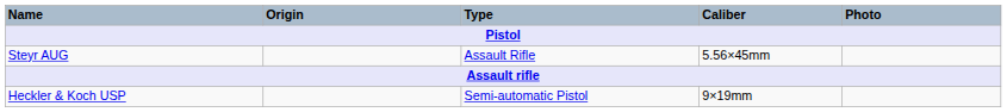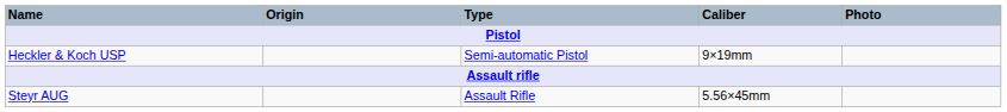 <table class="wikitable">
 <tr>
 <th style="text-align: left; background: #aabccc; width:13%;">Name</th>
 <th style="text-align: left; background: #aabccc; width:10%;">Origin</th>
 <th style="text-align: left; background: #aabccc; width:12%;">Type</th>
 <th style="text-align: left; background: #aabccc; width:7%;">Caliber</th>
 <th style="text-align: left; background: #aabccc;width:8%; ">Photo</th>
 </tr>
 <tr>
 <th style="align: center; background: lavender;" colspan="5"><a href='#'>Pistol</a></th>
 </tr>
 <tr>
+<td><a href='#'>Heckler & Koch USP</a></td>
+<td></td>
+<td><a href='#'>Semi-automatic Pistol</a></td>
+<td>9×19mm</td>
+<td></td>
+</tr>
+<tr>
+<th style="align: center; background: lavender;" colspan="5"><a href='#'>Assault rifle</a></th>
+</tr>
+<tr>
 <td><a href='#'>Steyr AUG</a></td>
 <td></td>
 <td><a href='#'>Assault Rifle</a></td>
 <td>5.56×45mm</td>
 <td></td>
 </tr>
-<tr>
-<th style="align: center; background: lavender;" colspan="5"><a href='#'>Assault rifle</a></th>
-</tr>
-<tr>
-<td><a href='#'>Heckler & Koch USP</a></td>
-<td></td>
-<td><a href='#'>Semi-automatic Pistol</a></td>
-<td>9×19mm</td>
-<td></td>
-</tr>
 </table>
